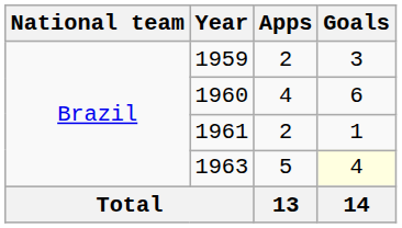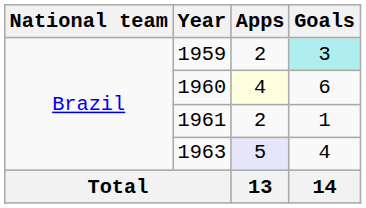 <table class="wikitable" style="text-align:center">
 <tr>
 <th>National team</th>
 <th>Year</th>
 <th>Apps</th>
 <th>Goals</th>
 </tr>
 <tr>
 <td rowspan="4"><a href='#'>Brazil</a></td>
 <td>1959</td>
 <td>2</td>
-<td>3</td>
+<td style="background: paleturquoise;">3</td>
 </tr>
 <tr>
 <td>1960</td>
-<td>4</td>
+<td style="background: lightyellow;">4</td>
 <td>6</td>
 </tr>
 <tr>
 <td>1961</td>
 <td>2</td>
 <td>1</td>
 </tr>
 <tr>
 <td>1963</td>
-<td>5</td>
-<td style="background: lightyellow;">4</td>
+<td style="background: lavender;">5</td>
+<td>4</td>
 </tr>
 <tr>
 <th colspan="2">Total</th>
 <th>13</th>
 <th>14</th>
 </tr>
 </table>
